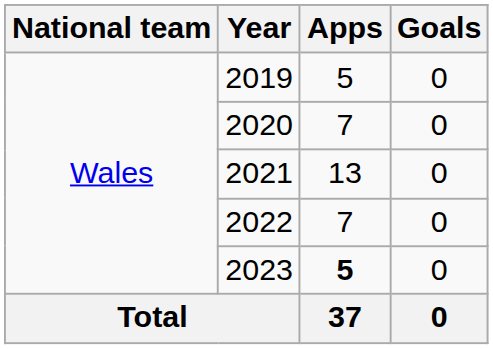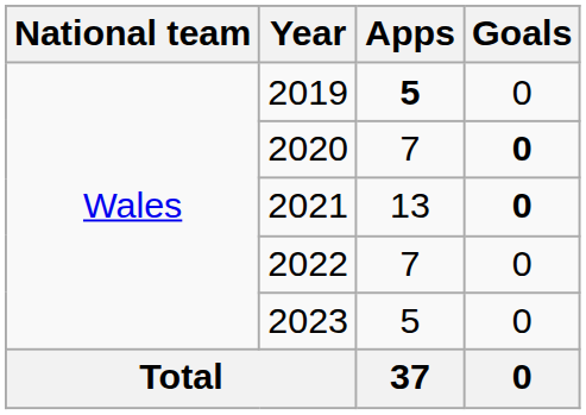 <table class=wikitable style=text-align:center>
 <tr>
 <th>National team</th>
 <th>Year</th>
 <th>Apps</th>
 <th>Goals</th>
 </tr>
 <tr>
 <td rowspan=5><a href='#'>Wales</a></td>
 <td>2019</td>
-<td>5</td>
+<td><strong>5</strong></td>
 <td>0</td>
 </tr>
 <tr>
 <td>2020</td>
 <td>7</td>
-<td>0</td>
+<td><strong>0</strong></td>
 </tr>
 <tr>
 <td>2021</td>
 <td>13</td>
-<td>0</td>
+<td><strong>0</strong></td>
 </tr>
 <tr>
 <td>2022</td>
 <td>7</td>
 <td>0</td>
 </tr>
 <tr>
 <td>2023</td>
-<td><strong>5</strong></td>
+<td>5</td>
 <td>0</td>
 </tr>
 <tr>
 <th colspan=2>Total</th>
 <th>37</th>
 <th>0</th>
 </tr>
 </table>
